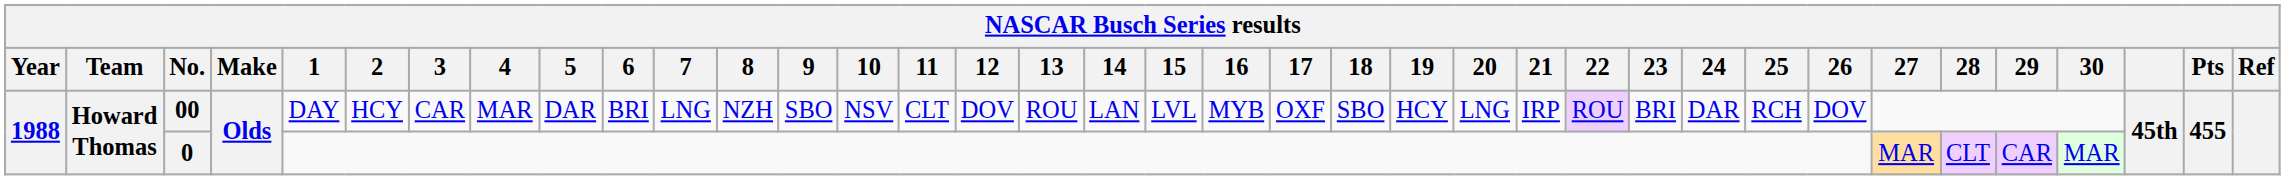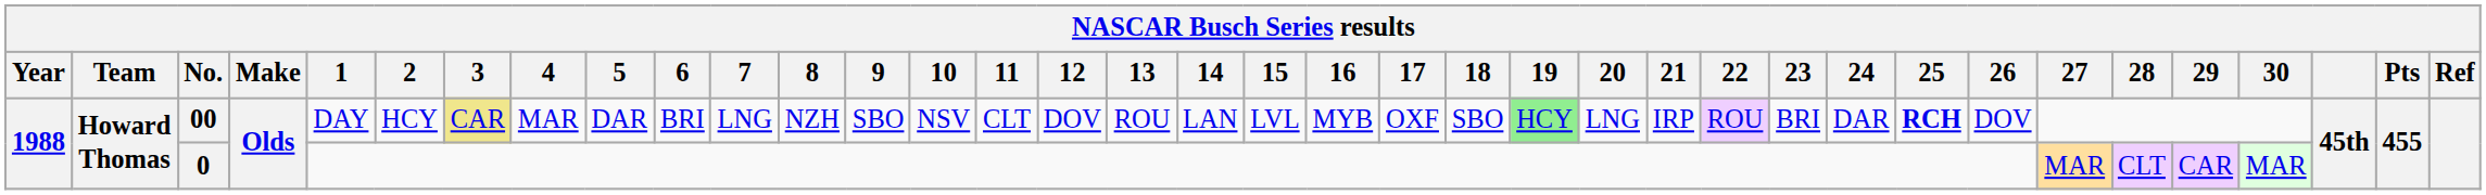 <table class="wikitable" style="text-align:center; font-size:75%">
 <tr>
 <th colspan=42><a href='#'>NASCAR Busch Series</a> results</th>
 </tr>
 <tr>
 <th>Year</th>
 <th>Team</th>
 <th>No.</th>
 <th>Make</th>
 <th>1</th>
 <th>2</th>
 <th>3</th>
 <th>4</th>
 <th>5</th>
 <th>6</th>
 <th>7</th>
 <th>8</th>
 <th>9</th>
 <th>10</th>
 <th>11</th>
 <th>12</th>
 <th>13</th>
 <th>14</th>
 <th>15</th>
 <th>16</th>
 <th>17</th>
 <th>18</th>
 <th>19</th>
 <th>20</th>
 <th>21</th>
 <th>22</th>
 <th>23</th>
 <th>24</th>
 <th>25</th>
 <th>26</th>
 <th>27</th>
 <th>28</th>
 <th>29</th>
 <th>30</th>
 <th></th>
 <th>Pts</th>
 <th>Ref</th>
 </tr>
 <tr>
 <th rowspan=2><a href='#'>1988</a></th>
 <th rowspan=2>Howard Thomas</th>
 <th>00</th>
 <th rowspan=2><a href='#'>Olds</a></th>
 <td><a href='#'>DAY</a></td>
 <td><a href='#'>HCY</a></td>
-<td><a href='#'>CAR</a></td>
+<td style="background: khaki;"><a href='#'>CAR</a></td>
 <td><a href='#'>MAR</a></td>
 <td><a href='#'>DAR</a></td>
 <td><a href='#'>BRI</a></td>
 <td><a href='#'>LNG</a></td>
 <td><a href='#'>NZH</a></td>
 <td><a href='#'>SBO</a></td>
 <td><a href='#'>NSV</a></td>
 <td><a href='#'>CLT</a></td>
 <td><a href='#'>DOV</a></td>
 <td><a href='#'>ROU</a></td>
 <td><a href='#'>LAN</a></td>
 <td><a href='#'>LVL</a></td>
 <td><a href='#'>MYB</a></td>
 <td><a href='#'>OXF</a></td>
 <td><a href='#'>SBO</a></td>
-<td><a href='#'>HCY</a></td>
+<td style="background: lightgreen;"><a href='#'>HCY</a></td>
 <td><a href='#'>LNG</a></td>
 <td><a href='#'>IRP</a></td>
 <td style="background:#EFCFFF;"><a href='#'>ROU</a><br></td>
 <td><a href='#'>BRI</a></td>
 <td><a href='#'>DAR</a></td>
-<td><a href='#'>RCH</a></td>
+<td><strong><a href='#'>RCH</a></strong></td>
 <td><a href='#'>DOV</a></td>
 <td colspan=4></td>
 <th rowspan=2>45th</th>
 <th rowspan=2>455</th>
 <th rowspan=2></th>
 </tr>
 <tr>
 <th>0</th>
 <td colspan=26></td>
 <td style="background:#FFDF9F;"><a href='#'>MAR</a><br></td>
 <td style="background:#EFCFFF;"><a href='#'>CLT</a><br></td>
 <td style="background:#EFCFFF;"><a href='#'>CAR</a><br></td>
 <td style="background:#DFFFDF;"><a href='#'>MAR</a><br></td>
 </tr>
 </table>
